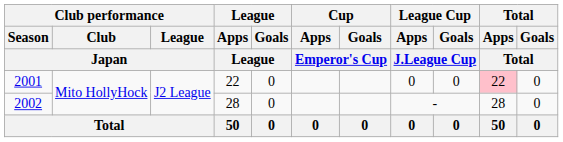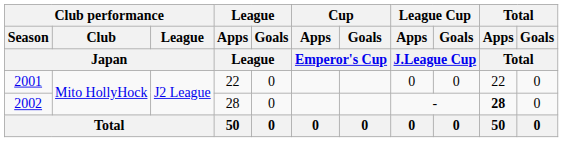 <table class="wikitable" style="text-align:center;">
 <tr>
 <th colspan=3>Club performance</th>
 <th colspan=2>League</th>
 <th colspan=2>Cup</th>
 <th colspan=2>League Cup</th>
 <th colspan=2>Total</th>
 </tr>
 <tr>
 <th>Season</th>
 <th>Club</th>
 <th>League</th>
 <th>Apps</th>
 <th>Goals</th>
 <th>Apps</th>
 <th>Goals</th>
 <th>Apps</th>
 <th>Goals</th>
 <th>Apps</th>
 <th>Goals</th>
 </tr>
 <tr>
 <th colspan=3>Japan</th>
 <th colspan=2>League</th>
 <th colspan=2><a href='#'>Emperor's Cup</a></th>
 <th colspan=2><a href='#'>J.League Cup</a></th>
 <th colspan=2>Total</th>
 </tr>
 <tr>
 <td><a href='#'>2001</a></td>
 <td rowspan="2"><a href='#'>Mito HollyHock</a></td>
 <td rowspan="2"><a href='#'>J2 League</a></td>
 <td>22</td>
 <td>0</td>
 <td></td>
 <td></td>
 <td>0</td>
 <td>0</td>
-<td style="background: pink;">22</td>
+<td>22</td>
 <td>0</td>
 </tr>
 <tr>
 <td><a href='#'>2002</a></td>
 <td>28</td>
 <td>0</td>
 <td></td>
 <td></td>
 <td colspan="2">-</td>
-<td>28</td>
+<td><strong>28</strong></td>
 <td>0</td>
 </tr>
 <tr>
 <th colspan=3>Total</th>
 <th>50</th>
 <th>0</th>
 <th>0</th>
 <th>0</th>
 <th>0</th>
 <th>0</th>
 <th>50</th>
 <th>0</th>
 </tr>
 </table>
